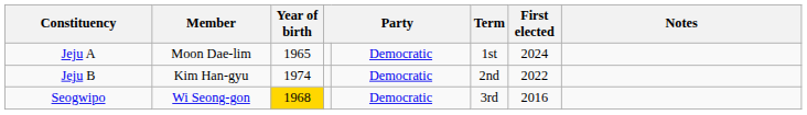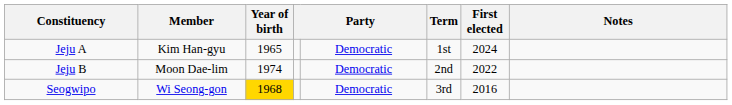 <table class="wikitable sortable" style="font-size:90%; text-align:center">
 <tr>
 <th scope="col" style="width:150px;">Constituency</th>
 <th scope="col" style="width:120px;">Member</th>
 <th scope="col" style="width:50px;">Year of birth</th>
 <th scope="col" style="width:150px;" colspan="2">Party</th>
 <th scope="col" style="width:20px;">Term</th>
 <th scope="col" style="width:50px;">First elected</th>
 <th scope="col" style="width:250px;" class="unsortable">Notes</th>
 </tr>
 <tr>
 <td><a href='#'>Jeju</a> A</td>
-<td>Moon Dae-lim</td>
+<td>Kim Han-gyu</td>
 <td>1965</td>
 <td scope="row" width="1" style="background-color:"></td>
 <td><a href='#'>Democratic</a></td>
 <td>1st</td>
 <td>2024</td>
 <td></td>
 </tr>
 <tr>
 <td><a href='#'>Jeju</a> B</td>
-<td>Kim Han-gyu</td>
+<td>Moon Dae-lim</td>
 <td>1974</td>
 <td scope="row" style="background-color:"></td>
 <td><a href='#'>Democratic</a></td>
 <td>2nd</td>
 <td>2022</td>
 <td></td>
 </tr>
 <tr>
 <td><a href='#'>Seogwipo</a></td>
 <td><a href='#'>Wi Seong-gon</a></td>
 <td style="background: gold;">1968</td>
 <td scope="row" style="background-color:"></td>
 <td><a href='#'>Democratic</a></td>
 <td>3rd</td>
 <td>2016</td>
 <td></td>
 </tr>
 </table>
